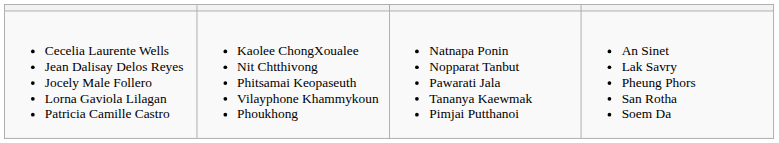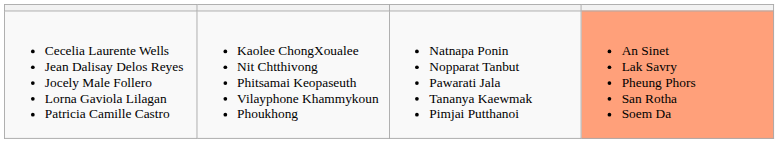 <table class="wikitable" style="font-size:90%">
 <tr>
 <th width=200></th>
 <th width=200></th>
 <th width=200></th>
 <th width=200></th>
 </tr>
 <tr>
 <td valign=top><br><ul><li>Cecelia Laurente Wells</li><li>Jean Dalisay Delos Reyes</li><li>Jocely Male Follero</li><li>Lorna Gaviola Lilagan</li><li>Patricia Camille Castro</li></ul></td>
 <td valign=top><br><ul><li>Kaolee ChongXoualee</li><li>Nit Chtthivong</li><li>Phitsamai Keopaseuth</li><li>Vilayphone Khammykoun</li><li>Phoukhong</li></ul></td>
 <td valign=top><br><ul><li>Natnapa Ponin</li><li>Nopparat Tanbut</li><li>Pawarati Jala</li><li>Tananya Kaewmak</li><li>Pimjai Putthanoi</li></ul></td>
-<td valign=top><br><ul><li>An Sinet</li><li>Lak Savry</li><li>Pheung Phors</li><li>San Rotha</li><li>Soem Da</li></ul></td>
+<td valign=top style="background: lightsalmon;"><br><ul><li>An Sinet</li><li>Lak Savry</li><li>Pheung Phors</li><li>San Rotha</li><li>Soem Da</li></ul></td>
 </tr>
 </table>
